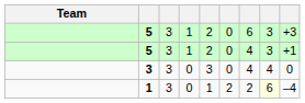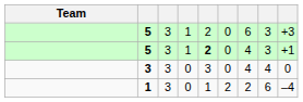 <table class="wikitable" style="text-align:center">
 <tr>
 <th width="175">Team</th>
 <th width="20"></th>
 <th width="20"></th>
 <th width="20"></th>
 <th width="20"></th>
 <th width="20"></th>
 <th width="20"></th>
 <th width="20"></th>
 <th width="20"></th>
 </tr>
 <tr bgcolor=#CCFFCC>
 <td align=left></td>
 <td><strong>5</strong></td>
 <td>3</td>
 <td>1</td>
 <td>2</td>
 <td>0</td>
 <td>6</td>
 <td>3</td>
 <td>+3</td>
 </tr>
 <tr bgcolor=#CCFFCC>
 <td align=left></td>
 <td><strong>5</strong></td>
 <td>3</td>
 <td>1</td>
-<td>2</td>
+<td><strong>2</strong></td>
 <td>0</td>
 <td>4</td>
 <td>3</td>
 <td>+1</td>
 </tr>
 <tr>
 <td align=left></td>
 <td><strong>3</strong></td>
 <td>3</td>
 <td>0</td>
 <td>3</td>
 <td>0</td>
 <td>4</td>
 <td>4</td>
 <td>0</td>
 </tr>
 <tr>
 <td align=left></td>
 <td><strong>1</strong></td>
 <td>3</td>
 <td>0</td>
 <td>1</td>
 <td>2</td>
 <td>2</td>
-<td style="background: lightyellow;">6</td>
+<td>6</td>
 <td>–4</td>
 </tr>
 </table>
